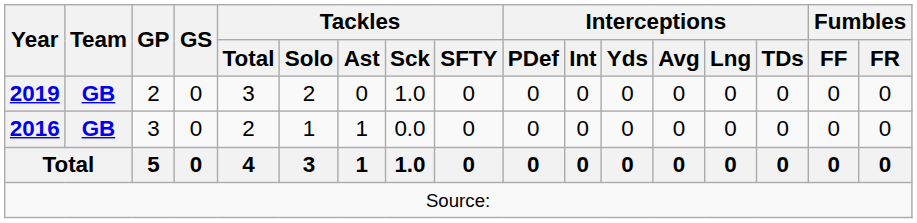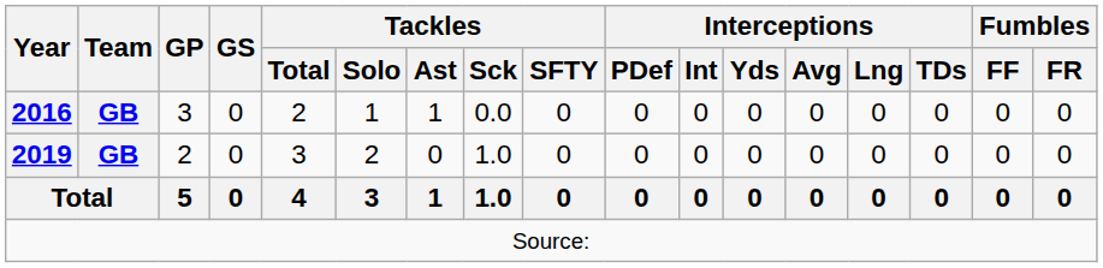 <table class="wikitable" style="text-align: center;">
 <tr>
 <th rowspan=2>Year</th>
 <th rowspan=2>Team</th>
 <th rowspan=2>GP</th>
 <th rowspan=2>GS</th>
 <th colspan=5>Tackles</th>
 <th colspan=6>Interceptions</th>
 <th colspan=2>Fumbles</th>
 </tr>
 <tr>
 <th>Total</th>
 <th>Solo</th>
 <th>Ast</th>
 <th>Sck</th>
 <th>SFTY</th>
 <th>PDef</th>
 <th>Int</th>
 <th>Yds</th>
 <th>Avg</th>
 <th>Lng</th>
 <th>TDs</th>
 <th>FF</th>
 <th>FR</th>
 </tr>
 <tr>
-<th><a href='#'>2019</a></th>
+<th><a href='#'>2016</a></th>
 <th><a href='#'>GB</a></th>
+<td>3</td>
+<td>0</td>
 <td>2</td>
-<td>0</td>
-<td>3</td>
-<td>2</td>
-<td>0</td>
-<td>1.0</td>
+<td>1</td>
+<td>1</td>
+<td>0.0</td>
 <td>0</td>
 <td>0</td>
 <td>0</td>
 <td>0</td>
 <td>0</td>
 <td>0</td>
 <td>0</td>
 <td>0</td>
 <td>0</td>
 </tr>
 <tr>
-<th><a href='#'>2016</a></th>
+<th><a href='#'>2019</a></th>
 <th><a href='#'>GB</a></th>
+<td>2</td>
+<td>0</td>
 <td>3</td>
+<td>2</td>
 <td>0</td>
-<td>2</td>
-<td>1</td>
-<td>1</td>
-<td>0.0</td>
+<td>1.0</td>
 <td>0</td>
 <td>0</td>
 <td>0</td>
 <td>0</td>
 <td>0</td>
 <td>0</td>
 <td>0</td>
 <td>0</td>
 <td>0</td>
 </tr>
 <tr>
 <th colspan="2">Total</th>
 <th>5</th>
 <th>0</th>
 <th>4</th>
 <th>3</th>
 <th>1</th>
 <th>1.0</th>
 <th>0</th>
 <th>0</th>
 <th>0</th>
 <th>0</th>
 <th>0</th>
 <th>0</th>
 <th>0</th>
 <th>0</th>
 <th>0</th>
 </tr>
 <tr>
 <td colspan="17"><small>Source: </small></td>
 </tr>
 </table>
